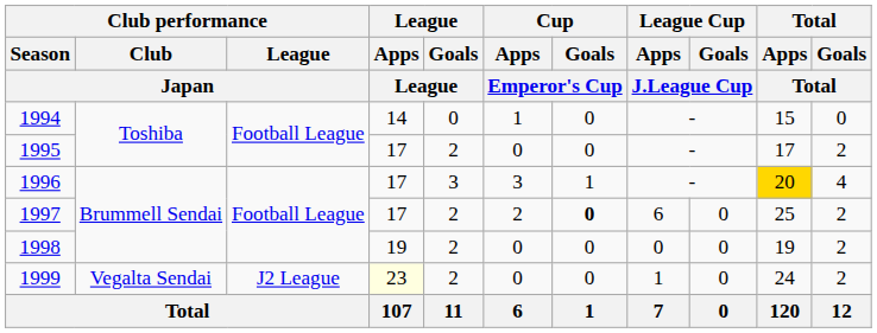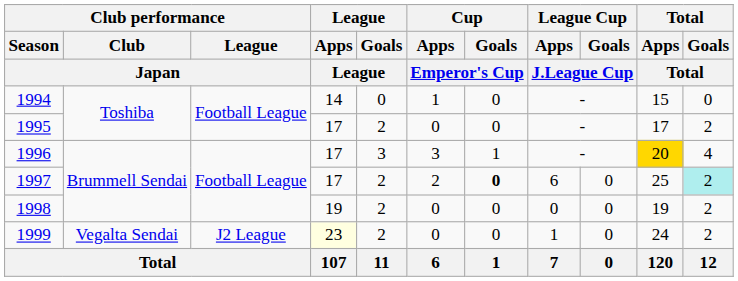 <table class="wikitable" style="text-align:center;">
 <tr>
 <th colspan=3>Club performance</th>
 <th colspan=2>League</th>
 <th colspan=2>Cup</th>
 <th colspan=2>League Cup</th>
 <th colspan=2>Total</th>
 </tr>
 <tr>
 <th>Season</th>
 <th>Club</th>
 <th>League</th>
 <th>Apps</th>
 <th>Goals</th>
 <th>Apps</th>
 <th>Goals</th>
 <th>Apps</th>
 <th>Goals</th>
 <th>Apps</th>
 <th>Goals</th>
 </tr>
 <tr>
 <th colspan=3>Japan</th>
 <th colspan=2>League</th>
 <th colspan=2><a href='#'>Emperor's Cup</a></th>
 <th colspan=2><a href='#'>J.League Cup</a></th>
 <th colspan=2>Total</th>
 </tr>
 <tr>
 <td><a href='#'>1994</a></td>
 <td rowspan="2"><a href='#'>Toshiba</a></td>
 <td rowspan="2"><a href='#'>Football League</a></td>
 <td>14</td>
 <td>0</td>
 <td>1</td>
 <td>0</td>
 <td colspan="2">-</td>
 <td>15</td>
 <td>0</td>
 </tr>
 <tr>
 <td><a href='#'>1995</a></td>
 <td>17</td>
 <td>2</td>
 <td>0</td>
 <td>0</td>
 <td colspan="2">-</td>
 <td>17</td>
 <td>2</td>
 </tr>
 <tr>
 <td><a href='#'>1996</a></td>
 <td rowspan="3"><a href='#'>Brummell Sendai</a></td>
 <td rowspan="3"><a href='#'>Football League</a></td>
 <td>17</td>
 <td>3</td>
 <td>3</td>
 <td>1</td>
 <td colspan="2">-</td>
 <td style="background: gold;">20</td>
 <td>4</td>
 </tr>
 <tr>
 <td><a href='#'>1997</a></td>
 <td>17</td>
 <td>2</td>
 <td>2</td>
 <td><strong>0</strong></td>
 <td>6</td>
 <td>0</td>
 <td>25</td>
-<td>2</td>
+<td style="background: paleturquoise;">2</td>
 </tr>
 <tr>
 <td><a href='#'>1998</a></td>
 <td>19</td>
 <td>2</td>
 <td>0</td>
 <td>0</td>
 <td>0</td>
 <td>0</td>
 <td>19</td>
 <td>2</td>
 </tr>
 <tr>
 <td><a href='#'>1999</a></td>
 <td><a href='#'>Vegalta Sendai</a></td>
 <td><a href='#'>J2 League</a></td>
 <td style="background: lightyellow;">23</td>
 <td>2</td>
 <td>0</td>
 <td>0</td>
 <td>1</td>
 <td>0</td>
 <td>24</td>
 <td>2</td>
 </tr>
 <tr>
 <th colspan=3>Total</th>
 <th>107</th>
 <th>11</th>
 <th>6</th>
 <th>1</th>
 <th>7</th>
 <th>0</th>
 <th>120</th>
 <th>12</th>
 </tr>
 </table>
